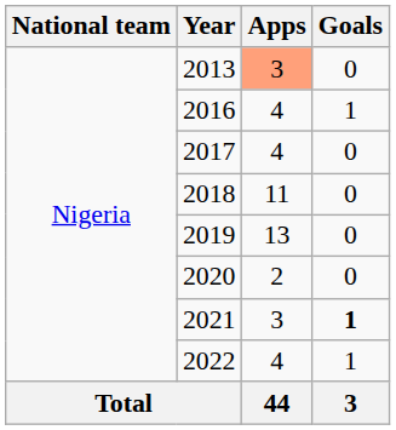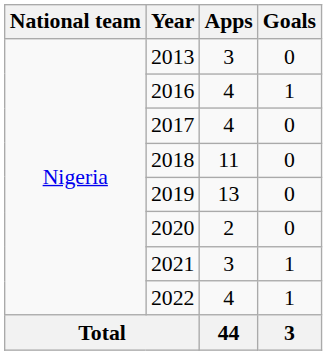 <table class="wikitable" style="text-align:center">
 <tr>
 <th>National team</th>
 <th>Year</th>
 <th>Apps</th>
 <th>Goals</th>
 </tr>
 <tr>
 <td rowspan="8"><a href='#'>Nigeria</a></td>
 <td>2013</td>
-<td style="background: lightsalmon;">3</td>
+<td>3</td>
 <td>0</td>
 </tr>
 <tr>
 <td>2016</td>
 <td>4</td>
 <td>1</td>
 </tr>
 <tr>
 <td>2017</td>
 <td>4</td>
 <td>0</td>
 </tr>
 <tr>
 <td>2018</td>
 <td>11</td>
 <td>0</td>
 </tr>
 <tr>
 <td>2019</td>
 <td>13</td>
 <td>0</td>
 </tr>
 <tr>
 <td>2020</td>
 <td>2</td>
 <td>0</td>
 </tr>
 <tr>
 <td>2021</td>
 <td>3</td>
-<td><strong>1</strong></td>
+<td>1</td>
 </tr>
 <tr>
 <td>2022</td>
 <td>4</td>
 <td>1</td>
 </tr>
 <tr>
 <th colspan="2">Total</th>
 <th>44</th>
 <th>3</th>
 </tr>
 </table>
